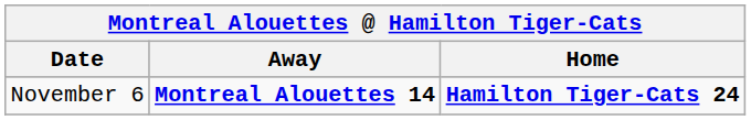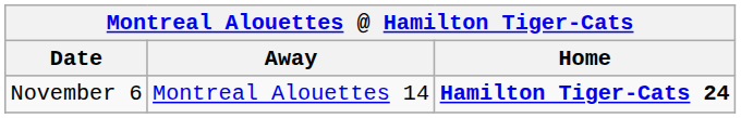 <table class="wikitable">
 <tr>
 <th colspan="3"><a href='#'>Montreal Alouettes</a> @ <a href='#'>Hamilton Tiger-Cats</a></th>
 </tr>
 <tr>
 <th>Date</th>
 <th>Away</th>
 <th>Home</th>
 </tr>
 <tr>
 <td>November 6</td>
-<td><strong><a href='#'>Montreal Alouettes</a> 14</strong></td>
+<td><a href='#'>Montreal Alouettes</a> 14</td>
 <td><strong><a href='#'>Hamilton Tiger-Cats</a> 24</strong></td>
 </tr>
 </table>
